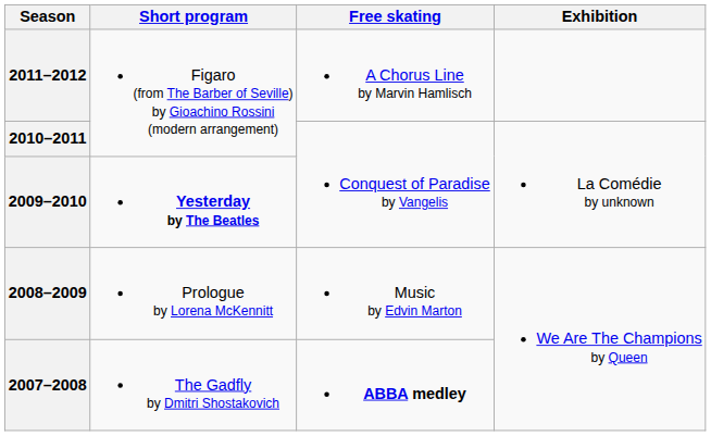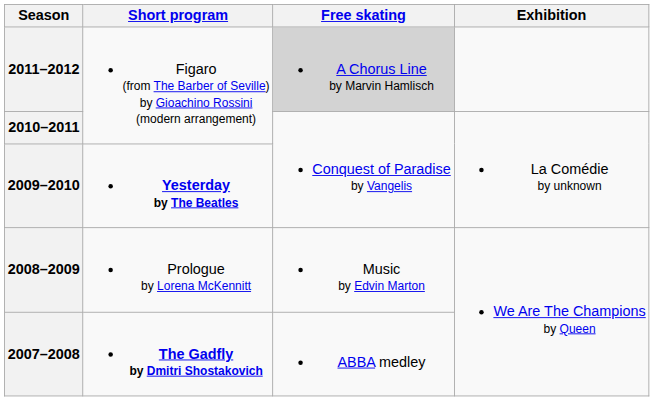 <table class="wikitable" style="text-align:center">
 <tr>
 <th>Season</th>
 <th><a href='#'>Short program</a></th>
 <th><a href='#'>Free skating</a></th>
 <th>Exhibition</th>
 </tr>
 <tr>
 <th>2011–2012 <br> </th>
 <td rowspan=2><br><ul><li>Figaro <br><small> (from <a href='#'>The Barber of Seville</a>) <br> by <a href='#'>Gioachino Rossini</a> <br> (modern arrangement) </small></li></ul></td>
-<td><br><ul><li><a href='#'>A Chorus Line</a> <br><small> by Marvin Hamlisch </small></li></ul></td>
+<td style="background: lightgrey;"><br><ul><li><a href='#'>A Chorus Line</a> <br><small> by Marvin Hamlisch </small></li></ul></td>
 <td></td>
 </tr>
 <tr>
 <th>2010–2011 <br> </th>
 <td rowspan=2><br><ul><li><a href='#'>Conquest of Paradise</a> <br><small> by <a href='#'>Vangelis</a> </small></li></ul></td>
 <td rowspan=2><br><ul><li>La Comédie <br><small> by unknown </small></li></ul></td>
 </tr>
 <tr>
 <th>2009–2010</th>
 <td><strong><br><ul><li><a href='#'>Yesterday</a> <br><small> by <a href='#'>The Beatles</a> </small></li></ul></strong></td>
 </tr>
 <tr>
 <th>2008–2009 <br> </th>
 <td><br><ul><li>Prologue <br><small> by <a href='#'>Lorena McKennitt</a> </small></li></ul></td>
 <td><br><ul><li>Music <br><small> by <a href='#'>Edvin Marton</a> </small></li></ul></td>
 <td rowspan=2><br><ul><li><a href='#'>We Are The Champions</a> <br><small> by <a href='#'>Queen</a> </small></li></ul></td>
 </tr>
 <tr>
 <th>2007–2008 <br> </th>
-<td><br><ul><li><a href='#'>The Gadfly</a> <br><small> by <a href='#'>Dmitri Shostakovich</a> </small></li></ul></td>
-<td><strong><br><ul><li><a href='#'>ABBA</a> medley</li></ul></strong></td>
+<td><strong><br><ul><li><a href='#'>The Gadfly</a> <br><small> by <a href='#'>Dmitri Shostakovich</a> </small></li></ul></strong></td>
+<td><br><ul><li><a href='#'>ABBA</a> medley</li></ul></td>
 </tr>
 </table>
